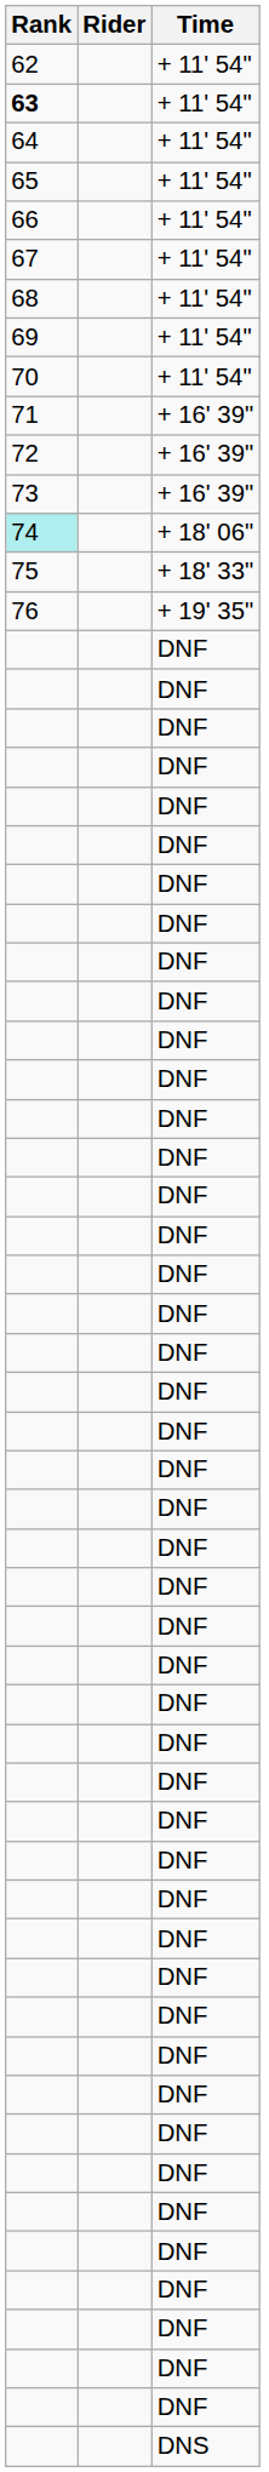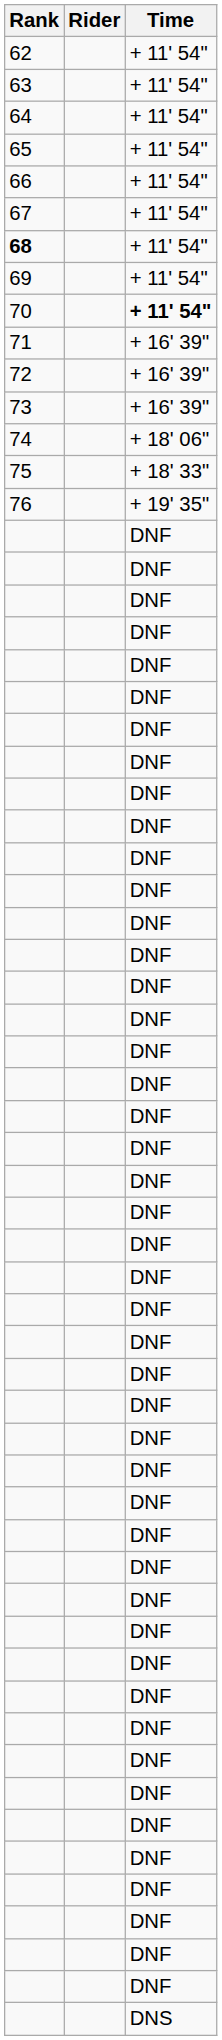 <table class="wikitable">
 <tr>
 <th>Rank</th>
 <th>Rider</th>
 <th>Time</th>
 </tr>
 <tr>
 <td>62</td>
 <td></td>
 <td>+ 11' 54"</td>
 </tr>
 <tr>
-<td><strong>63</strong></td>
+<td>63</td>
 <td></td>
 <td>+ 11' 54"</td>
 </tr>
 <tr>
 <td>64</td>
 <td></td>
 <td>+ 11' 54"</td>
 </tr>
 <tr>
 <td>65</td>
 <td></td>
 <td>+ 11' 54"</td>
 </tr>
 <tr>
 <td>66</td>
 <td></td>
 <td>+ 11' 54"</td>
 </tr>
 <tr>
 <td>67</td>
 <td></td>
 <td>+ 11' 54"</td>
 </tr>
 <tr>
-<td>68</td>
+<td><strong>68</strong></td>
 <td></td>
 <td>+ 11' 54"</td>
 </tr>
 <tr>
 <td>69</td>
 <td></td>
 <td>+ 11' 54"</td>
 </tr>
 <tr>
 <td>70</td>
 <td></td>
-<td>+ 11' 54"</td>
+<td><strong>+ 11' 54"</strong></td>
 </tr>
 <tr>
 <td>71</td>
 <td></td>
 <td>+ 16' 39"</td>
 </tr>
 <tr>
 <td>72</td>
 <td></td>
 <td>+ 16' 39"</td>
 </tr>
 <tr>
 <td>73</td>
 <td></td>
 <td>+ 16' 39"</td>
 </tr>
 <tr>
-<td style="background: paleturquoise;">74</td>
+<td>74</td>
 <td></td>
 <td>+ 18' 06"</td>
 </tr>
 <tr>
 <td>75</td>
 <td></td>
 <td>+ 18' 33"</td>
 </tr>
 <tr>
 <td>76</td>
 <td></td>
 <td>+ 19' 35"</td>
 </tr>
 <tr>
 <td></td>
 <td></td>
 <td>DNF</td>
 </tr>
 <tr>
 <td></td>
 <td></td>
 <td>DNF</td>
 </tr>
 <tr>
 <td></td>
 <td></td>
 <td>DNF</td>
 </tr>
 <tr>
 <td></td>
 <td></td>
 <td>DNF</td>
 </tr>
 <tr>
 <td></td>
 <td></td>
 <td>DNF</td>
 </tr>
 <tr>
 <td></td>
 <td></td>
 <td>DNF</td>
 </tr>
 <tr>
 <td></td>
 <td></td>
 <td>DNF</td>
 </tr>
 <tr>
 <td></td>
 <td></td>
 <td>DNF</td>
 </tr>
 <tr>
 <td></td>
 <td></td>
 <td>DNF</td>
 </tr>
 <tr>
 <td></td>
 <td></td>
 <td>DNF</td>
 </tr>
 <tr>
 <td></td>
 <td></td>
 <td>DNF</td>
 </tr>
 <tr>
 <td></td>
 <td></td>
 <td>DNF</td>
 </tr>
 <tr>
 <td></td>
 <td></td>
 <td>DNF</td>
 </tr>
 <tr>
 <td></td>
 <td></td>
 <td>DNF</td>
 </tr>
 <tr>
 <td></td>
 <td></td>
 <td>DNF</td>
 </tr>
 <tr>
 <td></td>
 <td></td>
 <td>DNF</td>
 </tr>
 <tr>
 <td></td>
 <td></td>
 <td>DNF</td>
 </tr>
 <tr>
 <td></td>
 <td></td>
 <td>DNF</td>
 </tr>
 <tr>
 <td></td>
 <td></td>
 <td>DNF</td>
 </tr>
 <tr>
 <td></td>
 <td></td>
 <td>DNF</td>
 </tr>
 <tr>
 <td></td>
 <td></td>
 <td>DNF</td>
 </tr>
 <tr>
 <td></td>
 <td></td>
 <td>DNF</td>
 </tr>
 <tr>
 <td></td>
 <td></td>
 <td>DNF</td>
 </tr>
 <tr>
 <td></td>
 <td></td>
 <td>DNF</td>
 </tr>
 <tr>
 <td></td>
 <td></td>
 <td>DNF</td>
 </tr>
 <tr>
 <td></td>
 <td></td>
 <td>DNF</td>
 </tr>
 <tr>
 <td></td>
 <td></td>
 <td>DNF</td>
 </tr>
 <tr>
 <td></td>
 <td></td>
 <td>DNF</td>
 </tr>
 <tr>
 <td></td>
 <td></td>
 <td>DNF</td>
 </tr>
 <tr>
 <td></td>
 <td></td>
 <td>DNF</td>
 </tr>
 <tr>
 <td></td>
 <td></td>
 <td>DNF</td>
 </tr>
 <tr>
 <td></td>
 <td></td>
 <td>DNF</td>
 </tr>
 <tr>
 <td></td>
 <td></td>
 <td>DNF</td>
 </tr>
 <tr>
 <td></td>
 <td></td>
 <td>DNF</td>
 </tr>
 <tr>
 <td></td>
 <td></td>
 <td>DNF</td>
 </tr>
 <tr>
 <td></td>
 <td></td>
 <td>DNF</td>
 </tr>
 <tr>
 <td></td>
 <td></td>
 <td>DNF</td>
 </tr>
 <tr>
 <td></td>
 <td></td>
 <td>DNF</td>
 </tr>
 <tr>
 <td></td>
 <td></td>
 <td>DNF</td>
 </tr>
 <tr>
 <td></td>
 <td></td>
 <td>DNF</td>
 </tr>
 <tr>
 <td></td>
 <td></td>
 <td>DNF</td>
 </tr>
 <tr>
 <td></td>
 <td></td>
 <td>DNF</td>
 </tr>
 <tr>
 <td></td>
 <td></td>
 <td>DNF</td>
 </tr>
 <tr>
 <td></td>
 <td></td>
 <td>DNF</td>
 </tr>
 <tr>
 <td></td>
 <td></td>
 <td>DNF</td>
 </tr>
 <tr>
 <td></td>
 <td></td>
 <td>DNF</td>
 </tr>
 <tr>
 <td></td>
 <td></td>
 <td>DNS</td>
 </tr>
 </table>
